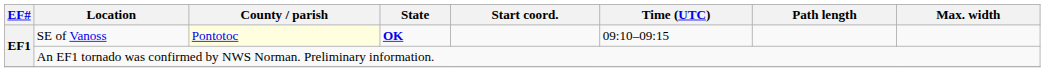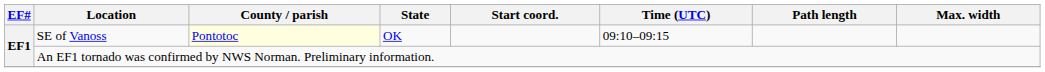 <table class="wikitable sortable" style="width:100%;">
 <tr>
 <th scope="col" width="2%" align="center"><a href='#'>EF#</a></th>
 <th scope="col" align="center" class="unsortable">Location</th>
 <th scope="col" align="center" class="unsortable">County / parish</th>
 <th scope="col" align="center">State</th>
 <th scope="col" align="center">Start coord.</th>
 <th scope="col" align="center">Time (<a href='#'>UTC</a>)</th>
 <th scope="col" align="center">Path length</th>
 <th scope="col" align="center">Max. width</th>
 </tr>
 <tr>
 <th scope="row" rowspan="2" style="background-color:#">EF1</th>
 <td>SE of <a href='#'>Vanoss</a></td>
 <td style="background: lightyellow;"><a href='#'>Pontotoc</a></td>
-<td><strong><a href='#'>OK</a></strong></td>
+<td><a href='#'>OK</a></td>
 <td></td>
 <td>09:10–09:15</td>
 <td></td>
 <td></td>
 </tr>
 <tr class="expand-child">
 <td colspan="8" border-bottom: 1px solid black;>An EF1 tornado was confirmed by NWS Norman. Preliminary information.</td>
 </tr>
 <tr>
 </tr>
 </table>
